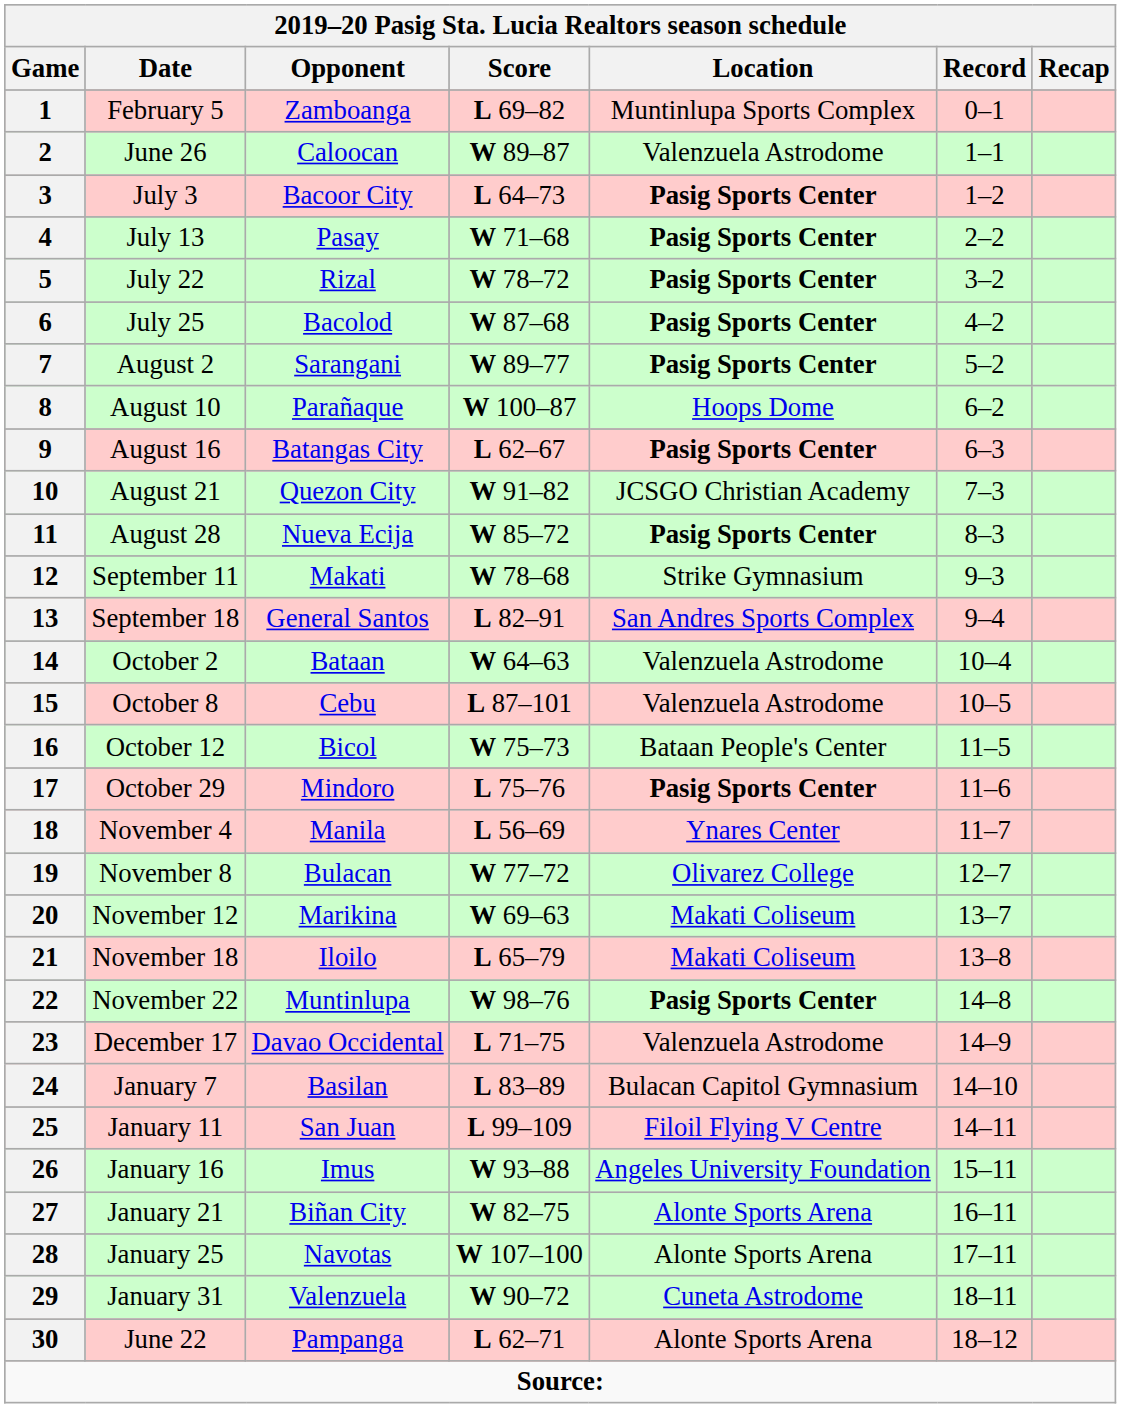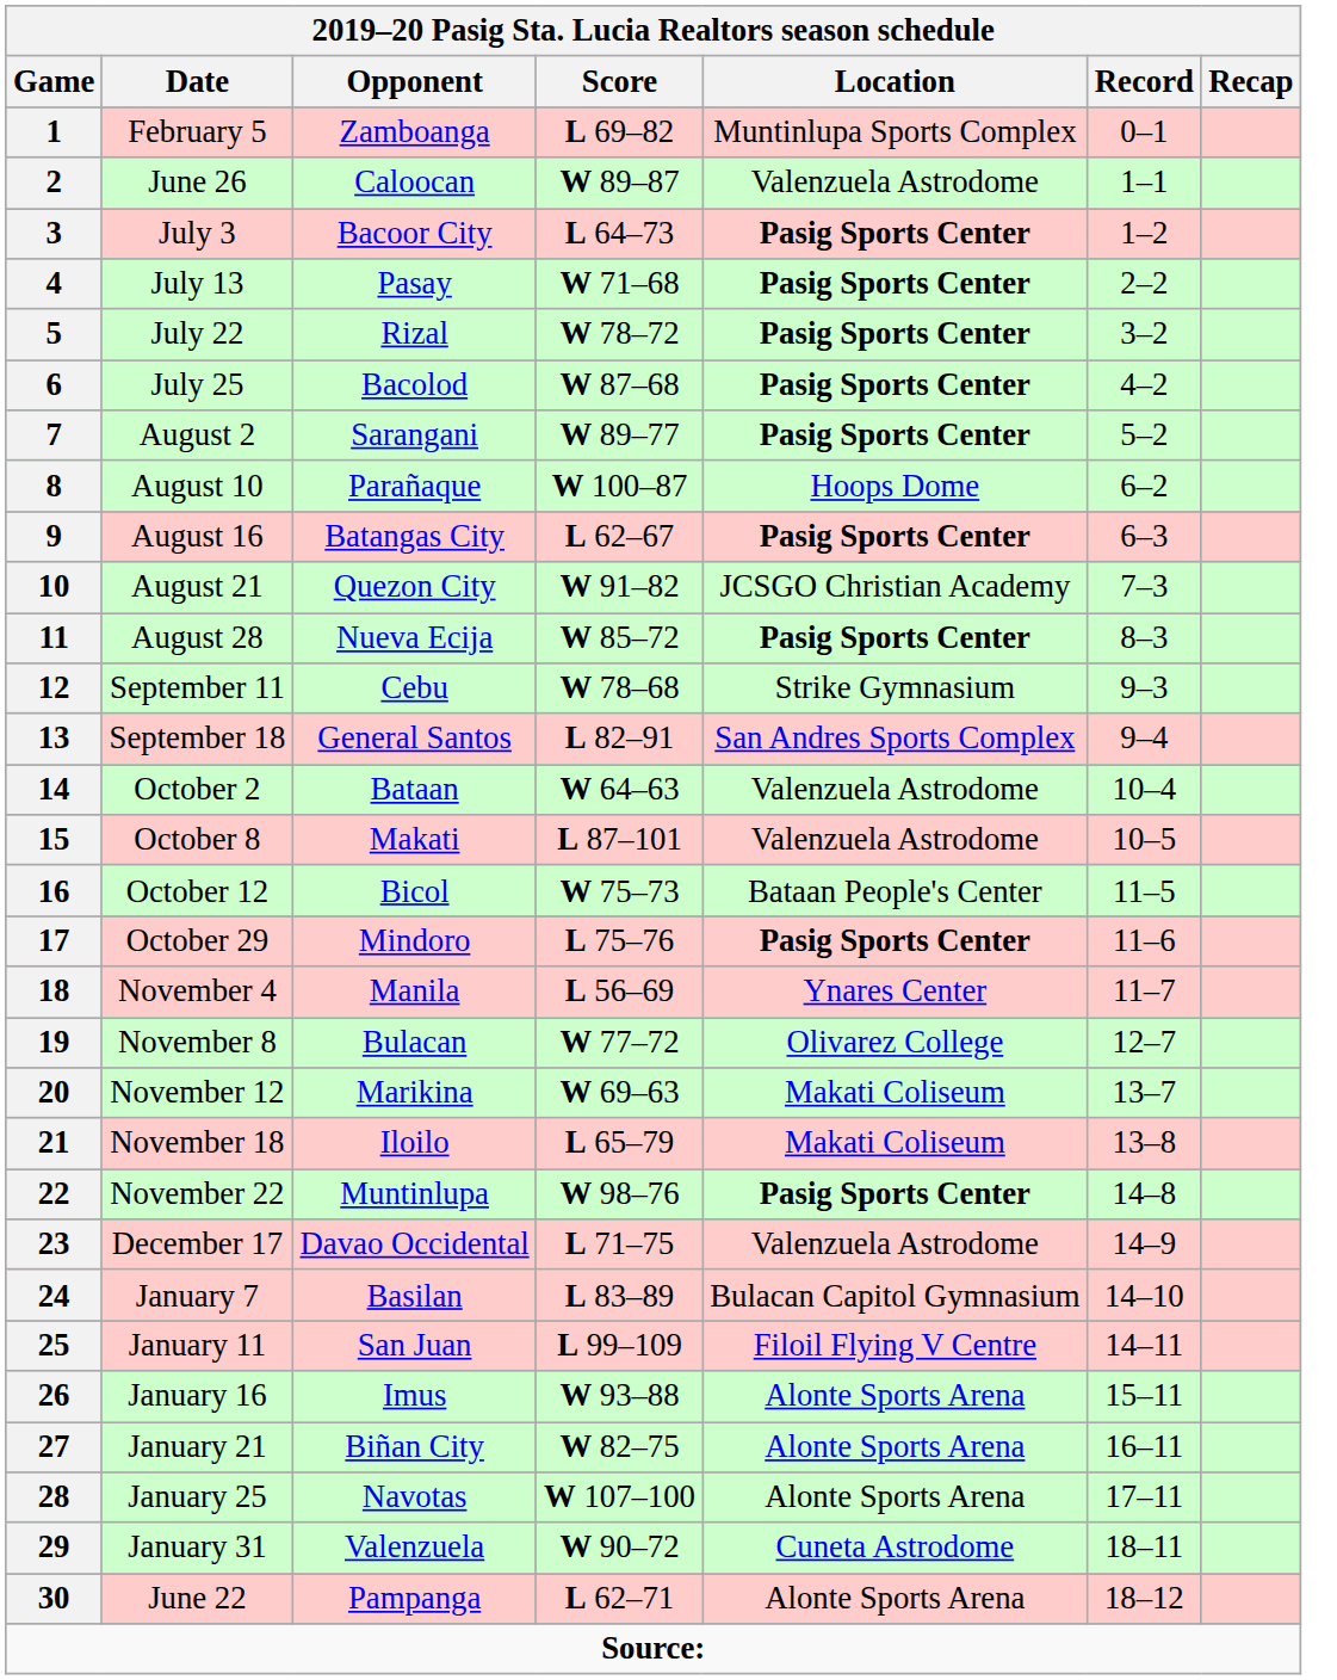 <table class="wikitable" style="text-align:center">
 <tr>
 <th colspan=7>2019–20 Pasig Sta. Lucia Realtors season schedule</th>
 </tr>
 <tr>
 <th>Game</th>
 <th>Date</th>
 <th>Opponent</th>
 <th>Score</th>
 <th>Location</th>
 <th>Record</th>
 <th>Recap<br></th>
 </tr>
 <tr style="background:#fcc">
 <th>1</th>
 <td>February 5</td>
 <td><a href='#'>Zamboanga</a></td>
 <td><strong>L</strong> 69–82</td>
 <td>Muntinlupa Sports Complex</td>
 <td>0–1</td>
 <td></td>
 </tr>
 <tr style="background:#cfc">
 <th>2</th>
 <td>June 26</td>
 <td><a href='#'>Caloocan</a></td>
 <td><strong>W</strong> 89–87</td>
 <td>Valenzuela Astrodome</td>
 <td>1–1</td>
 <td></td>
 </tr>
 <tr style="background:#fcc">
 <th>3</th>
 <td>July 3</td>
 <td><a href='#'>Bacoor City</a></td>
 <td><strong>L</strong> 64–73</td>
 <td><strong>Pasig Sports Center</strong></td>
 <td>1–2</td>
 <td></td>
 </tr>
 <tr style="background:#cfc">
 <th>4</th>
 <td>July 13</td>
 <td><a href='#'>Pasay</a></td>
 <td><strong>W</strong> 71–68</td>
 <td><strong>Pasig Sports Center</strong></td>
 <td>2–2</td>
 <td></td>
 </tr>
 <tr style="background:#cfc">
 <th>5</th>
 <td>July 22</td>
 <td><a href='#'>Rizal</a></td>
 <td><strong>W</strong> 78–72</td>
 <td><strong>Pasig Sports Center</strong></td>
 <td>3–2</td>
 <td></td>
 </tr>
 <tr style="background:#cfc">
 <th>6</th>
 <td>July 25</td>
 <td><a href='#'>Bacolod</a></td>
 <td><strong>W</strong> 87–68</td>
 <td><strong>Pasig Sports Center</strong></td>
 <td>4–2</td>
 <td></td>
 </tr>
 <tr style="background:#cfc">
 <th>7</th>
 <td>August 2</td>
 <td><a href='#'>Sarangani</a></td>
 <td><strong>W</strong> 89–77</td>
 <td><strong>Pasig Sports Center</strong></td>
 <td>5–2</td>
 <td></td>
 </tr>
 <tr style="background:#cfc">
 <th>8</th>
 <td>August 10</td>
 <td><a href='#'>Parañaque</a></td>
 <td><strong>W</strong> 100–87</td>
 <td><a href='#'>Hoops Dome</a></td>
 <td>6–2</td>
 <td></td>
 </tr>
 <tr style="background:#fcc">
 <th>9</th>
 <td>August 16</td>
 <td><a href='#'>Batangas City</a></td>
 <td><strong>L</strong> 62–67</td>
 <td><strong>Pasig Sports Center</strong></td>
 <td>6–3</td>
 <td></td>
 </tr>
 <tr style="background:#cfc">
 <th>10</th>
 <td>August 21</td>
 <td><a href='#'>Quezon City</a></td>
 <td><strong>W</strong> 91–82</td>
 <td>JCSGO Christian Academy</td>
 <td>7–3</td>
 <td></td>
 </tr>
 <tr style="background:#cfc">
 <th>11</th>
 <td>August 28</td>
 <td><a href='#'>Nueva Ecija</a></td>
 <td><strong>W</strong> 85–72</td>
 <td><strong>Pasig Sports Center</strong></td>
 <td>8–3</td>
 <td><br></td>
 </tr>
 <tr style="background:#cfc">
 <th>12</th>
 <td>September 11</td>
-<td><a href='#'>Makati</a></td>
+<td><a href='#'>Cebu</a></td>
 <td><strong>W</strong> 78–68</td>
 <td>Strike Gymnasium</td>
 <td>9–3</td>
 <td></td>
 </tr>
 <tr style="background:#fcc">
 <th>13</th>
 <td>September 18</td>
 <td><a href='#'>General Santos</a></td>
 <td><strong>L</strong> 82–91</td>
 <td><a href='#'>San Andres Sports Complex</a></td>
 <td>9–4</td>
 <td></td>
 </tr>
 <tr style="background:#cfc">
 <th>14</th>
 <td>October 2</td>
 <td><a href='#'>Bataan</a></td>
 <td><strong>W</strong> 64–63</td>
 <td>Valenzuela Astrodome</td>
 <td>10–4</td>
 <td></td>
 </tr>
 <tr style="background:#fcc">
 <th>15</th>
 <td>October 8</td>
-<td><a href='#'>Cebu</a></td>
+<td><a href='#'>Makati</a></td>
 <td><strong>L</strong> 87–101</td>
 <td>Valenzuela Astrodome</td>
 <td>10–5</td>
 <td></td>
 </tr>
 <tr style="background:#cfc">
 <th>16</th>
 <td>October 12</td>
 <td><a href='#'>Bicol</a></td>
 <td><strong>W</strong> 75–73</td>
 <td>Bataan People's Center</td>
 <td>11–5</td>
 <td></td>
 </tr>
 <tr style="background:#fcc">
 <th>17</th>
 <td>October 29</td>
 <td><a href='#'>Mindoro</a></td>
 <td><strong>L</strong> 75–76</td>
 <td><strong>Pasig Sports Center</strong></td>
 <td>11–6</td>
 <td></td>
 </tr>
 <tr style="background:#fcc">
 <th>18</th>
 <td>November 4</td>
 <td><a href='#'>Manila</a></td>
 <td><strong>L</strong> 56–69</td>
 <td><a href='#'>Ynares Center</a></td>
 <td>11–7</td>
 <td></td>
 </tr>
 <tr style="background:#cfc">
 <th>19</th>
 <td>November 8</td>
 <td><a href='#'>Bulacan</a></td>
 <td><strong>W</strong> 77–72</td>
 <td><a href='#'>Olivarez College</a></td>
 <td>12–7</td>
 <td></td>
 </tr>
 <tr style="background:#cfc">
 <th>20</th>
 <td>November 12</td>
 <td><a href='#'>Marikina</a></td>
 <td><strong>W</strong> 69–63</td>
 <td><a href='#'>Makati Coliseum</a></td>
 <td>13–7</td>
 <td></td>
 </tr>
 <tr style="background:#fcc">
 <th>21</th>
 <td>November 18</td>
 <td><a href='#'>Iloilo</a></td>
 <td><strong>L</strong> 65–79</td>
 <td><a href='#'>Makati Coliseum</a></td>
 <td>13–8</td>
 <td></td>
 </tr>
 <tr style="background:#cfc">
 <th>22</th>
 <td>November 22</td>
 <td><a href='#'>Muntinlupa</a></td>
 <td><strong>W</strong> 98–76</td>
 <td><strong>Pasig Sports Center</strong></td>
 <td>14–8</td>
 <td><br></td>
 </tr>
 <tr style="background:#fcc">
 <th>23</th>
 <td>December 17</td>
 <td><a href='#'>Davao Occidental</a></td>
 <td><strong>L</strong> 71–75</td>
 <td>Valenzuela Astrodome</td>
 <td>14–9</td>
 <td></td>
 </tr>
 <tr style="background:#fcc">
 <th>24</th>
 <td>January 7</td>
 <td><a href='#'>Basilan</a></td>
 <td><strong>L</strong> 83–89</td>
 <td>Bulacan Capitol Gymnasium</td>
 <td>14–10</td>
 <td></td>
 </tr>
 <tr style="background:#fcc">
 <th>25</th>
 <td>January 11</td>
 <td><a href='#'>San Juan</a></td>
 <td><strong>L</strong> 99–109</td>
 <td><a href='#'>Filoil Flying V Centre</a></td>
 <td>14–11</td>
 <td></td>
 </tr>
 <tr style="background:#cfc">
 <th>26</th>
 <td>January 16</td>
 <td><a href='#'>Imus</a></td>
 <td><strong>W</strong> 93–88</td>
-<td><a href='#'>Angeles University Foundation</a></td>
+<td><a href='#'>Alonte Sports Arena</a></td>
 <td>15–11</td>
 <td></td>
 </tr>
 <tr style="background:#cfc">
 <th>27</th>
 <td>January 21</td>
 <td><a href='#'>Biñan City</a></td>
 <td><strong>W</strong> 82–75</td>
 <td><a href='#'>Alonte Sports Arena</a></td>
 <td>16–11</td>
 <td></td>
 </tr>
 <tr style="background:#cfc">
 <th>28</th>
 <td>January 25</td>
 <td><a href='#'>Navotas</a></td>
 <td><strong>W</strong> 107–100</td>
 <td>Alonte Sports Arena</td>
 <td>17–11</td>
 <td></td>
 </tr>
 <tr style="background:#cfc">
 <th>29</th>
 <td>January 31</td>
 <td><a href='#'>Valenzuela</a></td>
 <td><strong>W</strong> 90–72</td>
 <td><a href='#'>Cuneta Astrodome</a></td>
 <td>18–11</td>
 <td></td>
 </tr>
 <tr style="background:#fcc">
 <th>30</th>
 <td>June 22</td>
 <td><a href='#'>Pampanga</a></td>
 <td><strong>L</strong> 62–71</td>
 <td>Alonte Sports Arena</td>
 <td>18–12</td>
 <td></td>
 </tr>
 <tr>
 <td colspan=7 align=center><strong>Source: </strong></td>
 </tr>
 </table>
